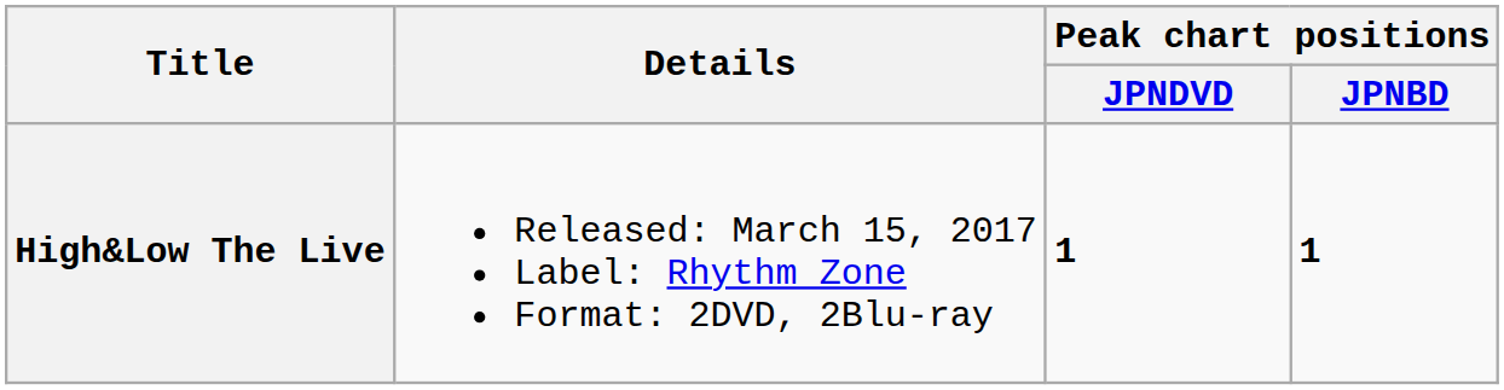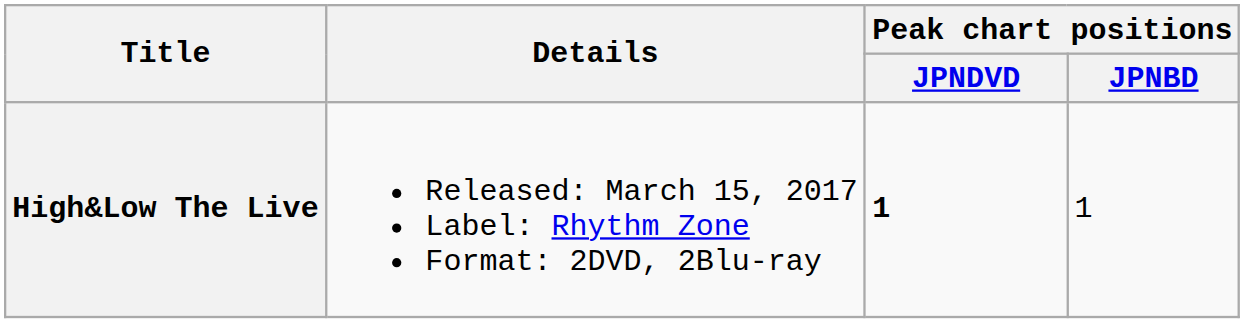 <table class="wikitable">
 <tr>
 <th rowspan="2">Title</th>
 <th rowspan="2">Details</th>
 <th colspan="2">Peak chart positions</th>
 </tr>
 <tr>
 <th><a href='#'>JPNDVD</a></th>
 <th><a href='#'>JPNBD</a></th>
 </tr>
 <tr>
 <th>High&Low The Live</th>
 <td><br><ul><li>Released: March 15, 2017</li><li>Label: <a href='#'>Rhythm Zone</a></li><li>Format: 2DVD, 2Blu-ray</li></ul></td>
 <td><strong>1</strong></td>
-<td><strong>1</strong></td>
+<td>1</td>
 </tr>
 </table>
